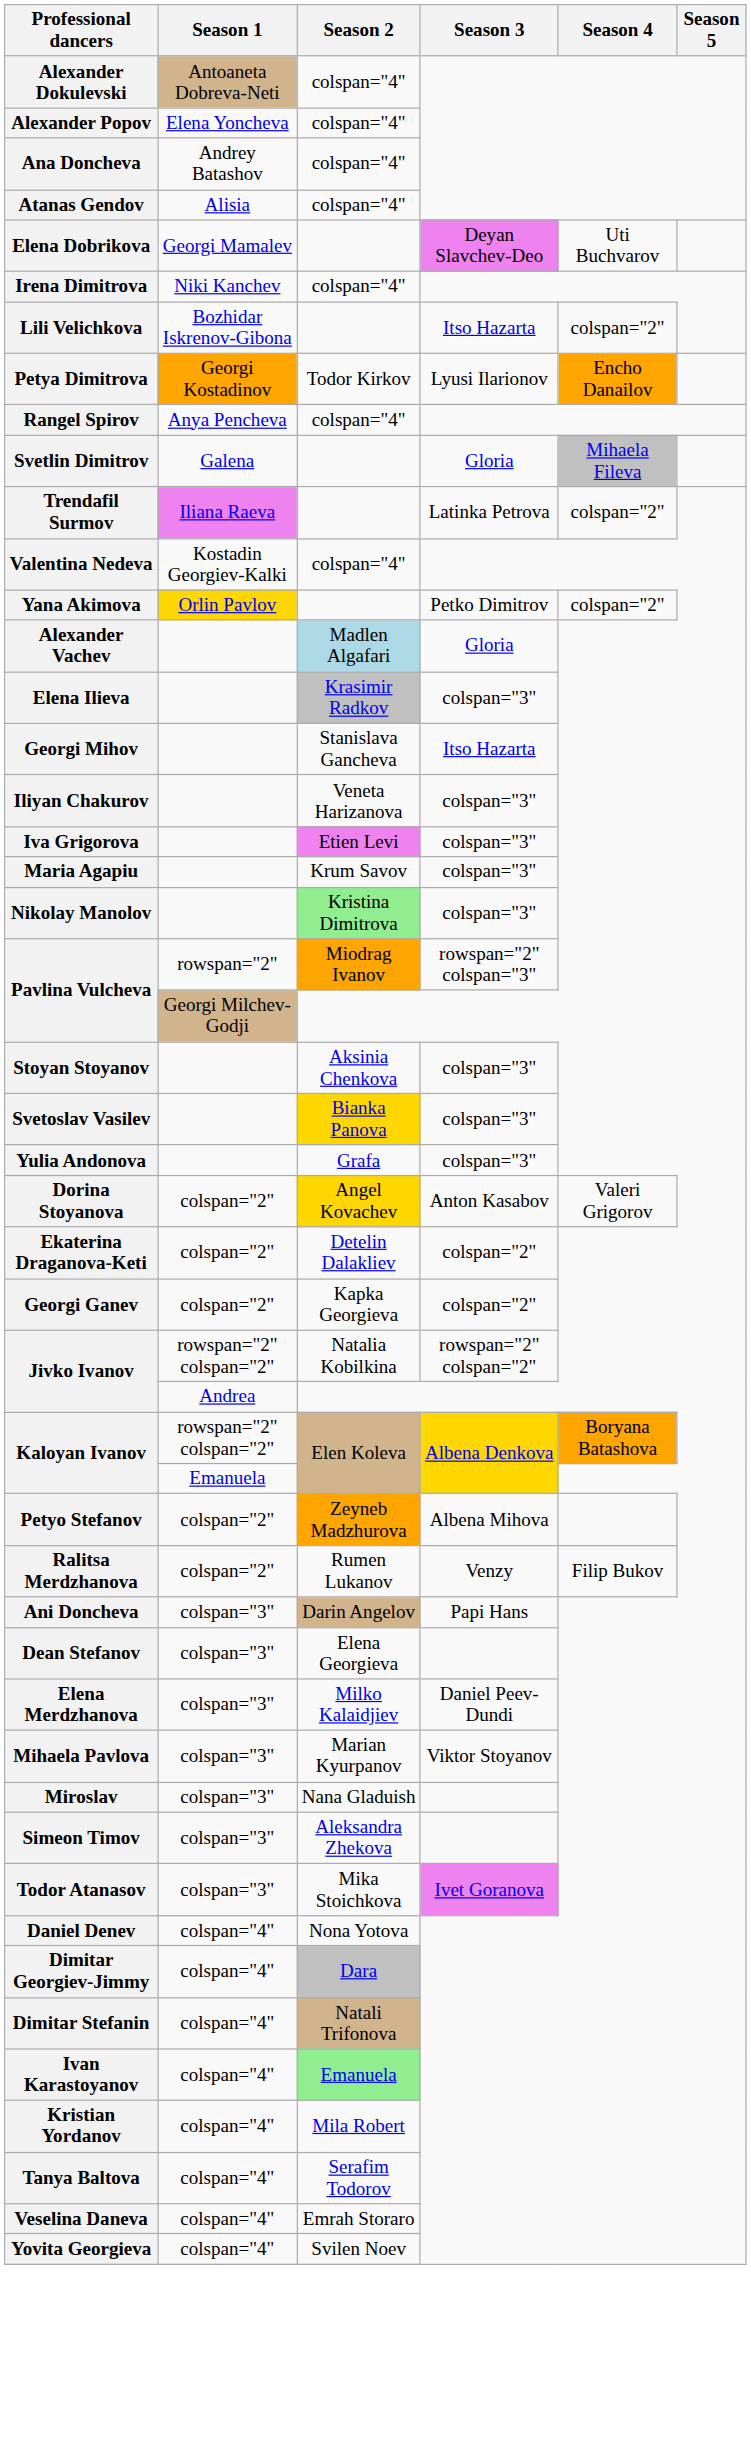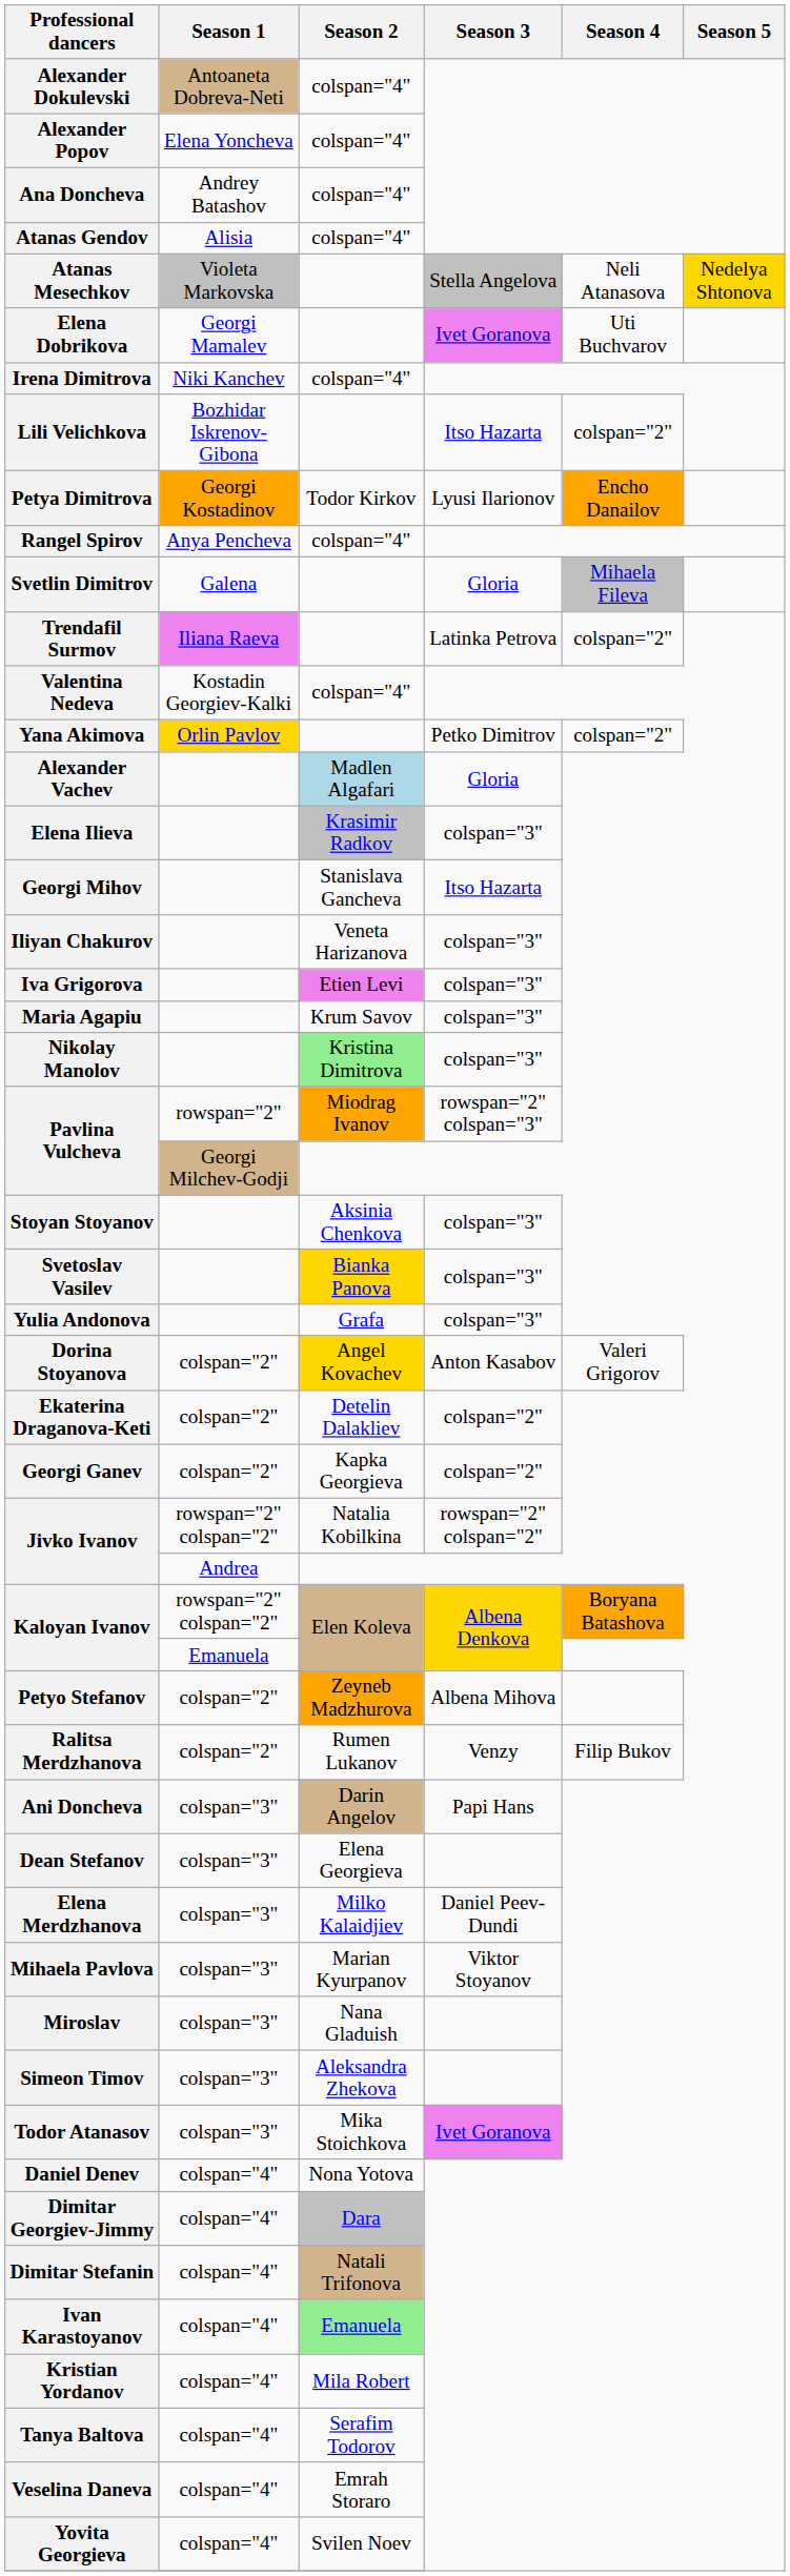 <table class="wikitable sortable collapsible" style="margin:auto; text-align:center;">
 <tr>
 <th>Professional dancers</th>
 <th>Season 1</th>
 <th>Season 2</th>
 <th>Season 3</th>
 <th>Season 4</th>
 <th>Season 5</th>
 </tr>
 <tr>
 <th>Alexander Dokulevski</th>
 <td style="background: tan;">Antoaneta Dobreva-Neti</td>
 <td>colspan="4" </td>
 </tr>
 <tr>
 <th>Alexander Popov</th>
 <td><a href='#'>Elena Yoncheva</a></td>
 <td>colspan="4" </td>
 </tr>
 <tr>
 <th>Ana Doncheva</th>
 <td>Andrey Batashov</td>
 <td>colspan="4" </td>
 </tr>
 <tr>
 <th>Atanas Gendov</th>
 <td><a href='#'>Alisia</a></td>
 <td>colspan="4" </td>
 </tr>
 <tr>
+<th>Atanas Mesechkov</th>
+<td style="background: silver;">Violeta Markovska</td>
+<td></td>
+<td style="background: silver;">Stella Angelova</td>
+<td>Neli Atanasova</td>
+<td style="background: gold;">Nedelya Shtonova</td>
+</tr>
+<tr>
 <th>Elena Dobrikova</th>
 <td><a href='#'>Georgi Mamalev</a></td>
 <td></td>
-<td style="background: violet;">Deyan Slavchev-Deo</td>
+<td style="background: violet;"><a href='#'>Ivet Goranova</a></td>
 <td>Uti Buchvarov</td>
 <td></td>
 </tr>
 <tr>
 <th>Irena Dimitrova</th>
 <td><a href='#'>Niki Kanchev</a></td>
 <td>colspan="4" </td>
 </tr>
 <tr>
 <th>Lili Velichkova</th>
 <td><a href='#'>Bozhidar Iskrenov-Gibona</a></td>
 <td></td>
 <td><a href='#'>Itso Hazarta</a></td>
 <td>colspan="2" </td>
 </tr>
 <tr>
 <th>Petya Dimitrova</th>
 <td style="background: orange;">Georgi Kostadinov</td>
 <td>Todor Kirkov</td>
 <td>Lyusi Ilarionov</td>
 <td style="background: orange;">Encho Danailov</td>
 <td></td>
 </tr>
 <tr>
 <th>Rangel Spirov</th>
 <td><a href='#'>Anya Pencheva</a></td>
 <td>colspan="4" </td>
 </tr>
 <tr>
 <th>Svetlin Dimitrov</th>
 <td><a href='#'>Galena</a></td>
 <td></td>
 <td><a href='#'>Gloria</a></td>
 <td style="background: silver;"><a href='#'>Mihaela Fileva</a></td>
 <td></td>
 </tr>
 <tr>
 <th>Trendafil Surmov</th>
 <td style="background: violet;"><a href='#'>Iliana Raeva</a></td>
 <td></td>
 <td>Latinka Petrova</td>
 <td>colspan="2" </td>
 </tr>
 <tr>
 <th>Valentina Nedeva</th>
 <td>Kostadin Georgiev-Kalki</td>
 <td>colspan="4" </td>
 </tr>
 <tr>
 <th>Yana Akimova</th>
 <td style="background: gold;"><a href='#'>Orlin Pavlov</a></td>
 <td></td>
 <td>Petko Dimitrov</td>
 <td>colspan="2" </td>
 </tr>
 <tr>
 <th>Alexander Vachev</th>
 <td></td>
 <td style="background: lightblue;">Madlen Algafari</td>
 <td><a href='#'>Gloria</a></td>
 </tr>
 <tr>
 <th>Elena Ilieva</th>
 <td></td>
 <td style="background: silver;"><a href='#'>Krasimir Radkov</a></td>
 <td>colspan="3" </td>
 </tr>
 <tr>
 <th>Georgi Mihov</th>
 <td></td>
 <td>Stanislava Gancheva</td>
 <td><a href='#'>Itso Hazarta</a></td>
 </tr>
 <tr>
 <th>Iliyan Chakurov</th>
 <td></td>
 <td>Veneta Harizanova</td>
 <td>colspan="3" </td>
 </tr>
 <tr>
 <th>Iva Grigorova</th>
 <td></td>
 <td style="background: violet;">Etien Levi</td>
 <td>colspan="3" </td>
 </tr>
 <tr>
 <th>Maria Agapiu</th>
 <td></td>
 <td>Krum Savov</td>
 <td>colspan="3" </td>
 </tr>
 <tr>
 <th>Nikolay Manolov</th>
 <td></td>
 <td style="background: lightgreen;">Kristina Dimitrova</td>
 <td>colspan="3" </td>
 </tr>
 <tr>
 <th rowspan="2">Pavlina Vulcheva</th>
 <td>rowspan="2" </td>
 <td style="background: orange;">Miodrag Ivanov</td>
 <td>rowspan="2" colspan="3" </td>
 </tr>
 <tr>
 <td style="background: tan;">Georgi Milchev-Godji</td>
 </tr>
 <tr>
 <th>Stoyan Stoyanov</th>
 <td></td>
 <td><a href='#'>Aksinia Chenkova</a></td>
 <td>colspan="3" </td>
 </tr>
 <tr>
 <th>Svetoslav Vasilev</th>
 <td></td>
 <td style="background: gold;"><a href='#'>Bianka Panova</a></td>
 <td>colspan="3" </td>
 </tr>
 <tr>
 <th>Yulia Andonova</th>
 <td></td>
 <td><a href='#'>Grafa</a></td>
 <td>colspan="3" </td>
 </tr>
 <tr>
 <th>Dorina Stoyanova</th>
 <td>colspan="2" </td>
 <td style="background: gold;">Angel Kovachev</td>
 <td>Anton Kasabov</td>
 <td>Valeri Grigorov</td>
 </tr>
 <tr>
 <th>Ekaterina Draganova-Keti</th>
 <td>colspan="2" </td>
 <td><a href='#'>Detelin Dalakliev</a></td>
 <td>colspan="2" </td>
 </tr>
 <tr>
 <th>Georgi Ganev</th>
 <td>colspan="2" </td>
 <td>Kapka Georgieva</td>
 <td>colspan="2" </td>
 </tr>
 <tr>
 <th rowspan="2">Jivko Ivanov</th>
 <td>rowspan="2" colspan="2" </td>
 <td>Natalia Kobilkina</td>
 <td>rowspan="2" colspan="2" </td>
 </tr>
 <tr>
 <td><a href='#'>Andrea</a></td>
 </tr>
 <tr>
 <th rowspan="2">Kaloyan Ivanov</th>
 <td>rowspan="2" colspan="2" </td>
 <td rowspan="2" style="background: tan;">Elen Koleva</td>
 <td rowspan="2" style="background: gold;"><a href='#'>Albena Denkova</a></td>
 <td style="background: orange;">Boryana Batashova</td>
 </tr>
 <tr>
 <td><a href='#'>Emanuela</a></td>
 </tr>
 <tr>
 <th>Petyo Stefanov</th>
 <td>colspan="2" </td>
 <td style="background: orange;">Zeyneb Madzhurova</td>
 <td>Albena Mihova</td>
 <td></td>
 </tr>
 <tr>
 <th>Ralitsa Merdzhanova</th>
 <td>colspan="2" </td>
 <td>Rumen Lukanov</td>
 <td>Venzy</td>
 <td>Filip Bukov</td>
 </tr>
 <tr>
 <th>Ani Doncheva</th>
 <td>colspan="3" </td>
 <td style="background: tan;">Darin Angelov</td>
 <td>Papi Hans</td>
 </tr>
 <tr>
 <th>Dean Stefanov</th>
 <td>colspan="3" </td>
 <td>Elena Georgieva</td>
 <td></td>
 </tr>
 <tr>
 <th>Elena Merdzhanova</th>
 <td>colspan="3" </td>
 <td><a href='#'>Milko Kalaidjiev</a></td>
 <td>Daniel Peev-Dundi</td>
 </tr>
 <tr>
 <th>Mihaela Pavlova</th>
 <td>colspan="3" </td>
 <td>Marian Kyurpanov</td>
 <td>Viktor Stoyanov</td>
 </tr>
 <tr>
 <th>Miroslav</th>
 <td>colspan="3" </td>
 <td>Nana Gladuish</td>
 <td></td>
 </tr>
 <tr>
 <th>Simeon Timov</th>
 <td>colspan="3" </td>
 <td><a href='#'>Aleksandra Zhekova</a></td>
 <td></td>
 </tr>
 <tr>
 <th>Todor Atanasov</th>
 <td>colspan="3" </td>
 <td>Mika Stoichkova</td>
 <td style="background: violet;"><a href='#'>Ivet Goranova</a></td>
 </tr>
 <tr>
 <th>Daniel Denev</th>
 <td>colspan="4" </td>
 <td>Nona Yotova</td>
 </tr>
 <tr>
 <th>Dimitar Georgiev-Jimmy</th>
 <td>colspan="4" </td>
 <td style="background: silver;"><a href='#'>Dara</a></td>
 </tr>
 <tr>
 <th>Dimitar Stefanin</th>
 <td>colspan="4" </td>
 <td style="background: tan;">Natali Trifonova</td>
 </tr>
 <tr>
 <th>Ivan Karastoyanov</th>
 <td>colspan="4" </td>
 <td style="background: lightgreen;"><a href='#'>Emanuela</a></td>
 </tr>
 <tr>
 <th>Kristian Yordanov</th>
 <td>colspan="4" </td>
 <td><a href='#'>Mila Robert</a></td>
 </tr>
 <tr>
 <th>Tanya Baltova</th>
 <td>colspan="4" </td>
 <td><a href='#'>Serafim Todorov</a></td>
 </tr>
 <tr>
 <th>Veselina Daneva</th>
 <td>colspan="4" </td>
 <td>Emrah Storaro</td>
 </tr>
 <tr>
 <th>Yovita Georgieva</th>
 <td>colspan="4" </td>
 <td>Svilen Noev</td>
 </tr>
 <tr>
 </tr>
 </table>
